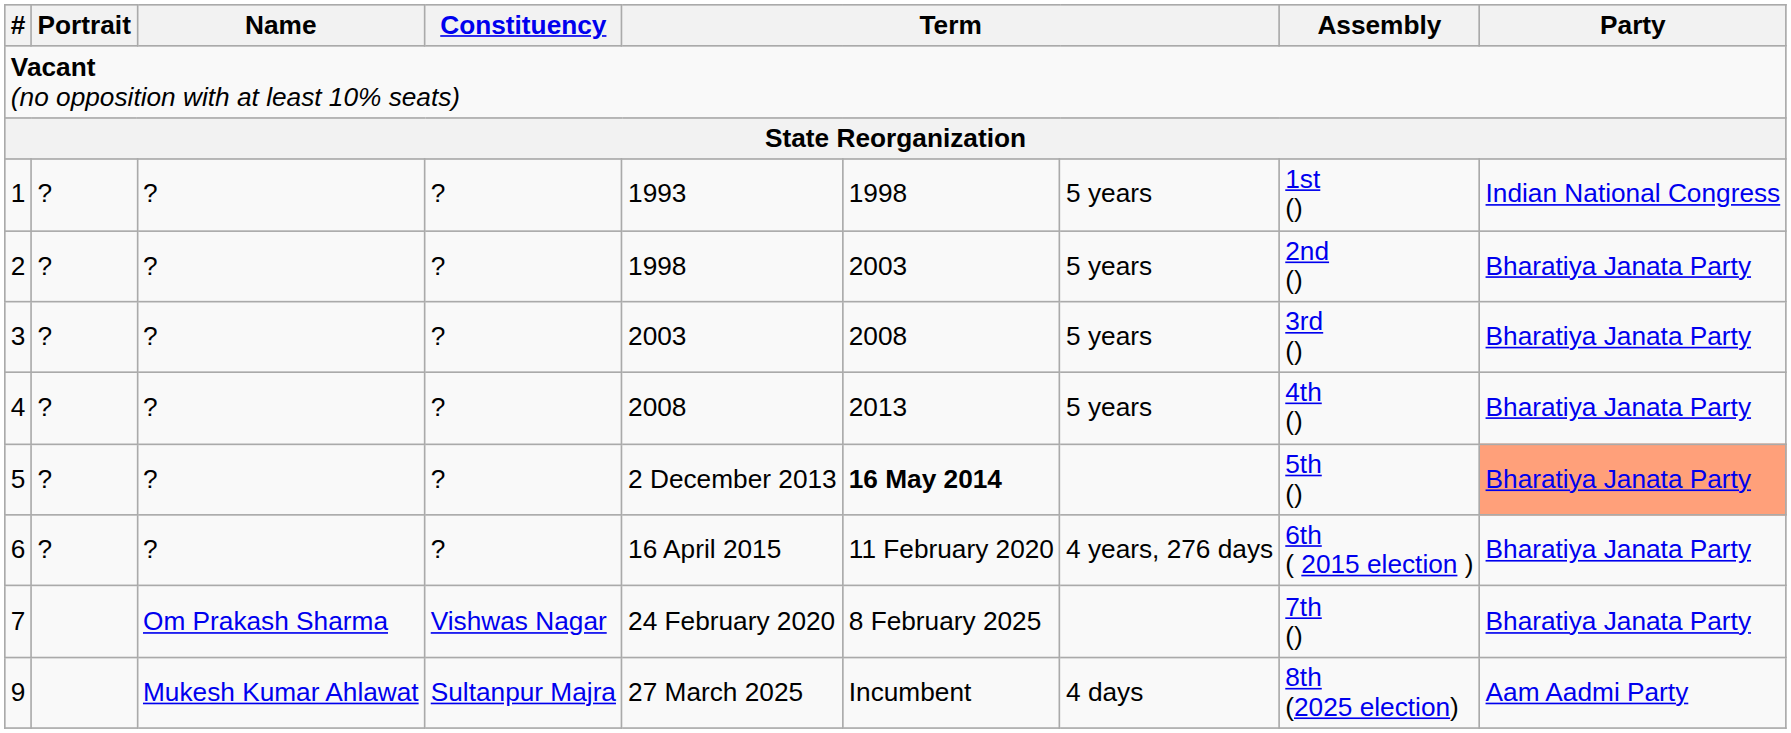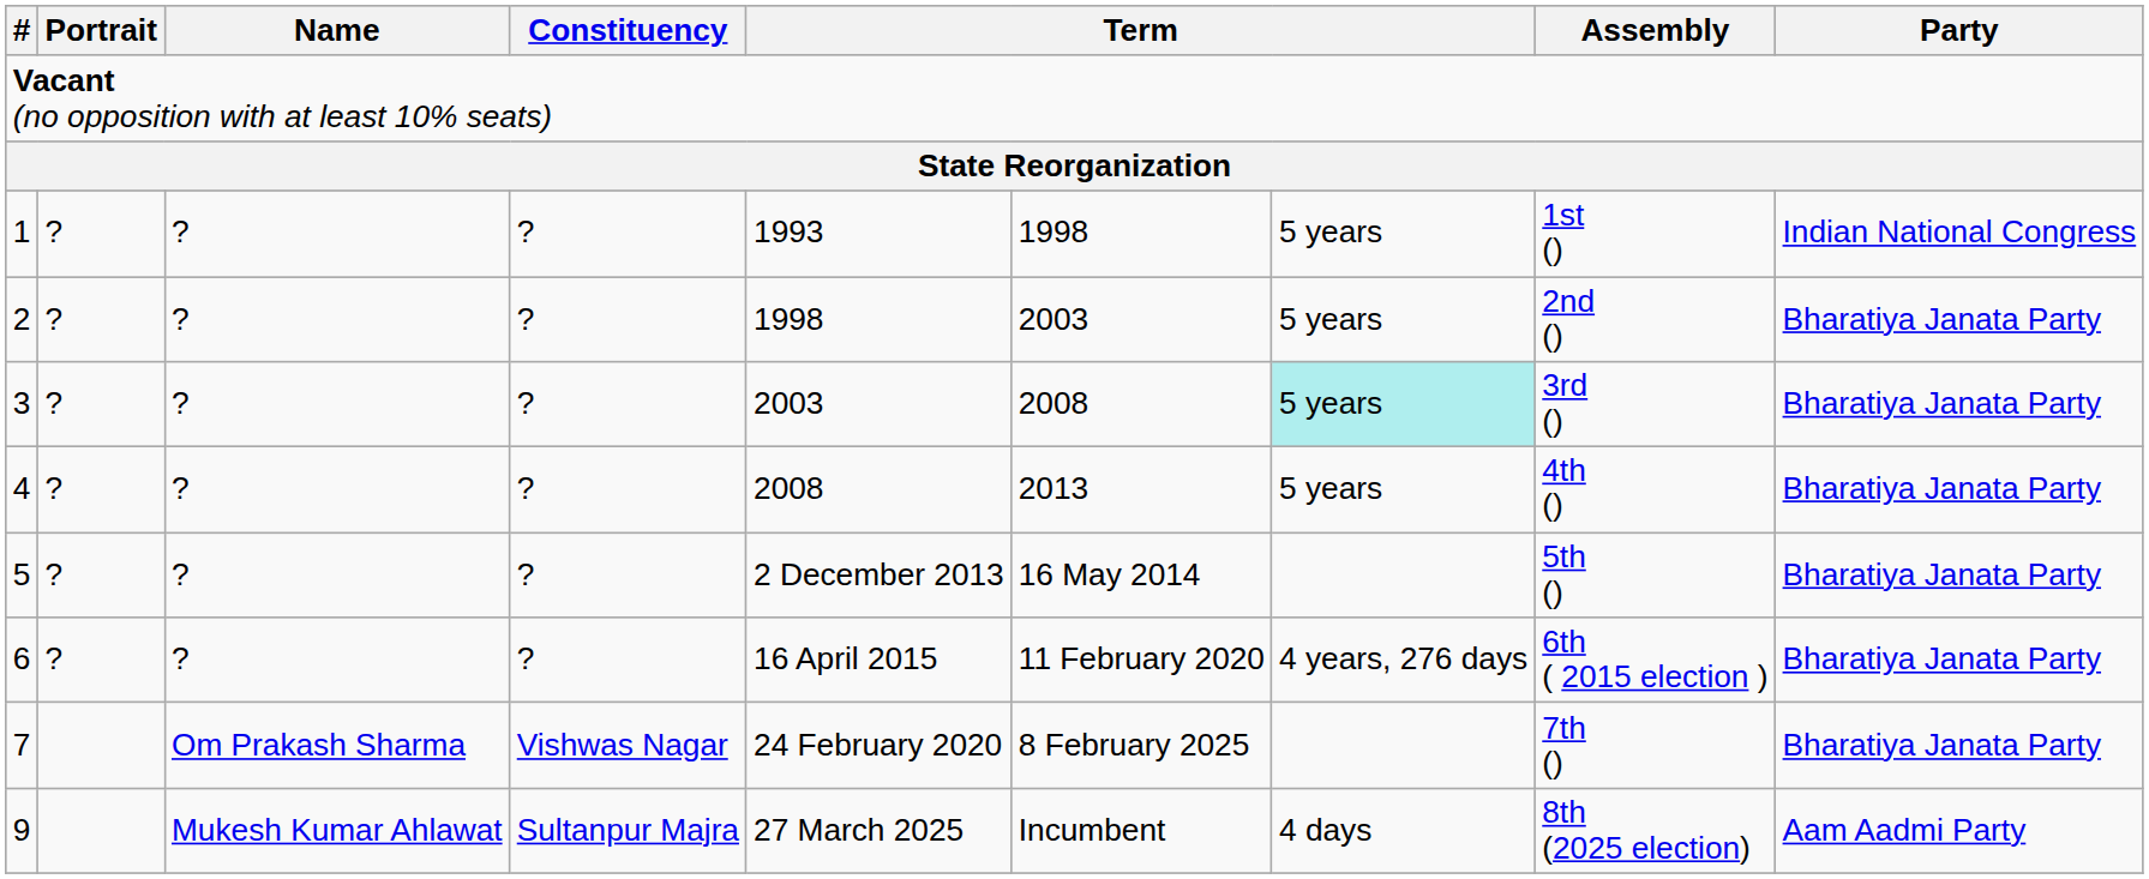 <table class="wikitable">
 <tr>
 <th>#</th>
 <th>Portrait</th>
 <th>Name</th>
 <th><a href='#'>Constituency</a></th>
 <th colspan="3">Term</th>
 <th>Assembly<br></th>
 <th>Party</th>
 </tr>
 <tr>
 <td colspan="9"><strong>Vacant</strong><br><em>(no opposition with at least 10% seats)</em></td>
 </tr>
 <tr>
 <th colspan="9">State Reorganization</th>
 </tr>
 <tr>
 <td>1</td>
 <td>?</td>
 <td>?</td>
 <td>?</td>
 <td>1993</td>
 <td>1998</td>
 <td>5 years</td>
 <td><a href='#'>1st</a><br>()</td>
 <td><a href='#'>Indian National Congress</a></td>
 </tr>
 <tr>
 <td>2</td>
 <td>?</td>
 <td>?</td>
 <td>?</td>
 <td>1998</td>
 <td>2003</td>
 <td>5 years</td>
 <td><a href='#'>2nd</a><br>()</td>
 <td><a href='#'>Bharatiya Janata Party</a></td>
 </tr>
 <tr>
 <td>3</td>
 <td>?</td>
 <td>?</td>
 <td>?</td>
 <td>2003</td>
 <td>2008</td>
-<td>5 years</td>
+<td style="background: paleturquoise;">5 years</td>
 <td><a href='#'>3rd</a><br>()</td>
 <td><a href='#'>Bharatiya Janata Party</a></td>
 </tr>
 <tr>
 <td>4</td>
 <td>?</td>
 <td>?</td>
 <td>?</td>
 <td>2008</td>
 <td>2013</td>
 <td>5 years</td>
 <td><a href='#'>4th</a><br>()</td>
 <td><a href='#'>Bharatiya Janata Party</a></td>
 </tr>
 <tr>
 <td>5</td>
 <td>?</td>
 <td>?</td>
 <td>?</td>
 <td>2 December 2013</td>
-<td><strong>16 May 2014</strong></td>
+<td>16 May 2014</td>
 <td></td>
 <td><a href='#'>5th</a><br>()</td>
-<td style="background: lightsalmon;"><a href='#'>Bharatiya Janata Party</a></td>
+<td><a href='#'>Bharatiya Janata Party</a></td>
 </tr>
 <tr>
 <td>6</td>
 <td>?</td>
 <td>?</td>
 <td>?</td>
 <td>16 April 2015</td>
 <td>11 February 2020</td>
 <td>4 years, 276 days</td>
 <td><a href='#'>6th</a><br>( <a href='#'>2015 election</a> )</td>
 <td><a href='#'>Bharatiya Janata Party</a></td>
 </tr>
 <tr>
 <td>7</td>
 <td></td>
 <td><a href='#'>Om Prakash Sharma</a></td>
 <td><a href='#'>Vishwas Nagar</a></td>
 <td>24 February 2020</td>
 <td>8 February 2025</td>
 <td></td>
 <td rowspan="1"><a href='#'>7th</a><br>()</td>
 <td><a href='#'>Bharatiya Janata Party</a></td>
 </tr>
 <tr>
 <td>9</td>
 <td></td>
 <td><a href='#'>Mukesh Kumar Ahlawat</a></td>
 <td><a href='#'>Sultanpur Majra</a></td>
 <td>27 March 2025</td>
 <td>Incumbent</td>
 <td>4 days</td>
 <td><a href='#'>8th</a><br>(<a href='#'>2025 election</a>)</td>
 <td><a href='#'>Aam Aadmi Party</a></td>
 </tr>
 </table>
